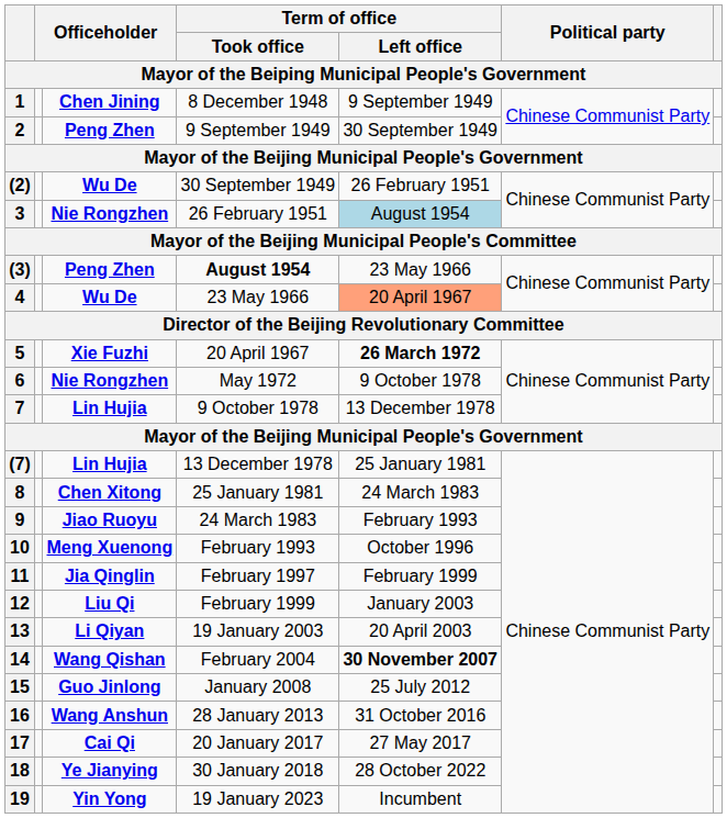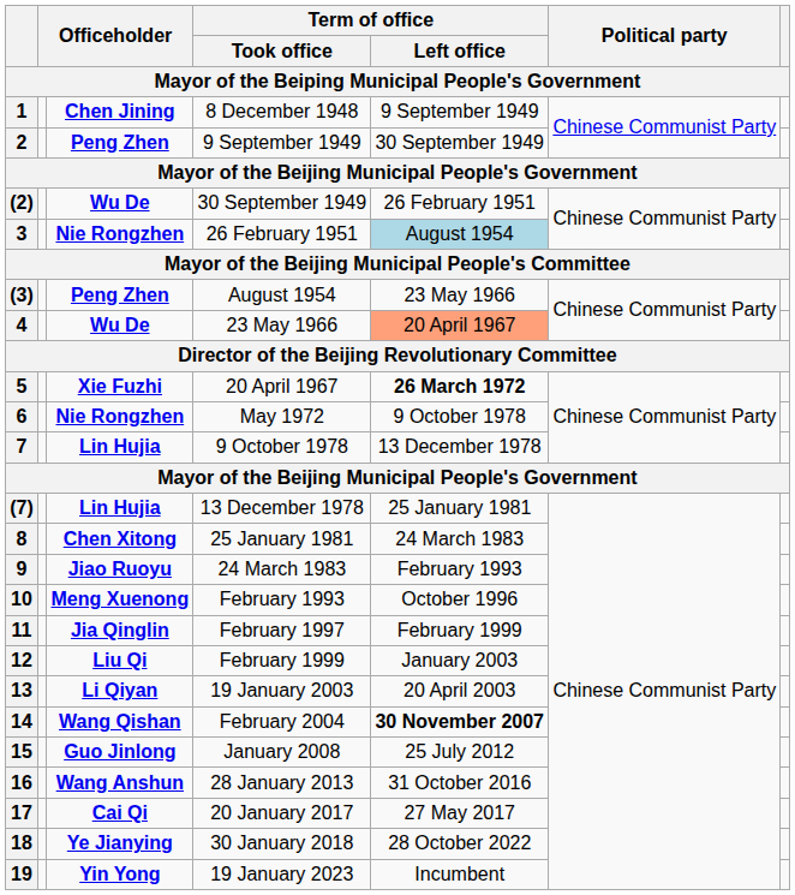 <table class="wikitable" style="text-align:center">
 <tr>
 <th rowspan="2"></th>
 <th colspan="2" rowspan="2">Officeholder</th>
 <th colspan="2">Term of office</th>
 <th rowspan="2">Political party</th>
 <th rowspan="2"></th>
 </tr>
 <tr>
 <th>Took office</th>
 <th>Left office</th>
 </tr>
 <tr>
 <th colspan="7">Mayor of the Beiping Municipal People's Government</th>
 </tr>
 <tr>
 <th>1</th>
 <td></td>
 <td><strong><a href='#'>Chen Jining</a></strong><br></td>
 <td>8 December 1948</td>
 <td>9 September 1949</td>
 <td rowspan="2"><a href='#'>Chinese Communist Party</a></td>
 <td></td>
 </tr>
 <tr>
 <th>2</th>
 <td></td>
 <td><strong><a href='#'>Peng Zhen</a></strong><br></td>
 <td>9 September 1949</td>
 <td>30 September 1949</td>
 <td></td>
 </tr>
 <tr>
 <th colspan="7">Mayor of the Beijing Municipal People's Government</th>
 </tr>
 <tr>
 <th>(2)</th>
 <td></td>
 <td><strong><a href='#'>Wu De</a></strong><br></td>
 <td>30 September 1949</td>
 <td>26 February 1951</td>
 <td rowspan="2">Chinese Communist Party</td>
 <td></td>
 </tr>
 <tr>
 <th>3</th>
 <td></td>
 <td><strong><a href='#'>Nie Rongzhen</a></strong><br></td>
 <td>26 February 1951</td>
 <td style="background: lightblue;">August 1954</td>
 <td></td>
 </tr>
 <tr>
 <th colspan="7">Mayor of the Beijing Municipal People's Committee</th>
 </tr>
 <tr>
 <th>(3)</th>
 <td></td>
 <td><strong><a href='#'>Peng Zhen</a></strong><br></td>
-<td><strong>August 1954</strong></td>
+<td>August 1954</td>
 <td>23 May 1966</td>
 <td rowspan="2">Chinese Communist Party</td>
 <td></td>
 </tr>
 <tr>
 <th>4</th>
 <td></td>
 <td><strong><a href='#'>Wu De</a></strong><br></td>
 <td>23 May 1966</td>
 <td style="background: lightsalmon;">20 April 1967</td>
 <td></td>
 </tr>
 <tr>
 <th colspan="7">Director of the Beijing Revolutionary Committee</th>
 </tr>
 <tr>
 <th>5</th>
 <td></td>
 <td><strong><a href='#'>Xie Fuzhi</a></strong><br></td>
 <td>20 April 1967</td>
 <td><strong>26 March 1972</strong></td>
 <td rowspan="3">Chinese Communist Party</td>
 <td></td>
 </tr>
 <tr>
 <th>6</th>
 <td></td>
 <td><strong><a href='#'>Nie Rongzhen</a></strong><br></td>
 <td>May 1972</td>
 <td>9 October 1978</td>
 <td></td>
 </tr>
 <tr>
 <th>7</th>
 <td></td>
 <td><strong><a href='#'>Lin Hujia</a></strong><br></td>
 <td>9 October 1978</td>
 <td>13 December 1978</td>
 <td></td>
 </tr>
 <tr>
 <th colspan="7">Mayor of the Beijing Municipal People's Government</th>
 </tr>
 <tr>
 <th>(7)</th>
 <td></td>
 <td><strong><a href='#'>Lin Hujia</a></strong><br></td>
 <td>13 December 1978</td>
 <td>25 January 1981</td>
 <td rowspan="13">Chinese Communist Party</td>
 <td></td>
 </tr>
 <tr>
 <th>8</th>
 <td></td>
 <td><strong><a href='#'>Chen Xitong</a></strong><br></td>
 <td>25 January 1981</td>
 <td>24 March 1983</td>
 <td></td>
 </tr>
 <tr>
 <th>9</th>
 <td></td>
 <td><strong><a href='#'>Jiao Ruoyu</a></strong><br></td>
 <td>24 March 1983</td>
 <td>February 1993</td>
 <td></td>
 </tr>
 <tr>
 <th>10</th>
 <td></td>
 <td><strong><a href='#'>Meng Xuenong</a></strong><br></td>
 <td>February 1993</td>
 <td>October 1996</td>
 <td></td>
 </tr>
 <tr>
 <th>11</th>
 <td></td>
 <td><strong><a href='#'>Jia Qinglin</a></strong><br></td>
 <td>February 1997<br></td>
 <td>February 1999</td>
 <td></td>
 </tr>
 <tr>
 <th>12</th>
 <td></td>
 <td><a href='#'><strong>Liu Qi</strong></a><br></td>
 <td>February 1999</td>
 <td>January 2003</td>
 <td></td>
 </tr>
 <tr>
 <th>13</th>
 <td></td>
 <td><strong><a href='#'>Li Qiyan</a></strong><br></td>
 <td>19 January 2003</td>
 <td>20 April 2003</td>
 <td></td>
 </tr>
 <tr>
 <th>14</th>
 <td></td>
 <td><strong><a href='#'>Wang Qishan</a></strong><br></td>
 <td>February 2004<br></td>
 <td><strong>30 November 2007</strong></td>
 <td></td>
 </tr>
 <tr>
 <th>15</th>
 <td></td>
 <td><strong><a href='#'>Guo Jinlong</a></strong><br></td>
 <td>January 2008<br></td>
 <td>25 July 2012</td>
 <td><em></em></td>
 </tr>
 <tr>
 <th>16</th>
 <td></td>
 <td><strong><a href='#'>Wang Anshun</a></strong><br></td>
 <td>28 January 2013<br></td>
 <td>31 October 2016</td>
 <td><em></em></td>
 </tr>
 <tr>
 <th>17</th>
 <td></td>
 <td><strong><a href='#'>Cai Qi</a></strong><br></td>
 <td>20 January 2017<br></td>
 <td>27 May 2017</td>
 <td><em></em></td>
 </tr>
 <tr>
 <th>18</th>
 <td></td>
 <td><strong><a href='#'>Ye Jianying</a></strong><br></td>
 <td>30 January 2018<br></td>
 <td>28 October 2022</td>
 <td><em></em></td>
 </tr>
 <tr>
 <th>19</th>
 <td></td>
 <td><a href='#'><strong>Yin Yong</strong></a><br></td>
 <td>19 January 2023<br></td>
 <td>Incumbent</td>
 <td><em></em></td>
 </tr>
 </table>
